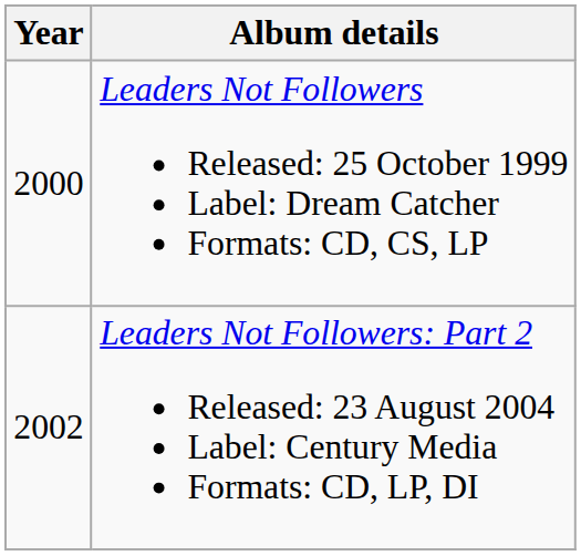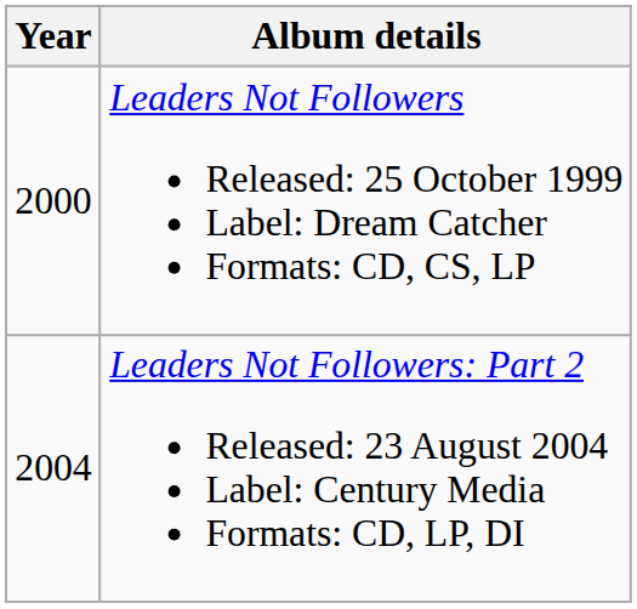 <table class="wikitable">
 <tr>
 <th>Year</th>
 <th>Album details</th>
 </tr>
 <tr>
 <td align="center">2000</td>
 <td style="text-align:left;"><em><a href='#'>Leaders Not Followers</a></em><br><ul><li>Released: 25 October 1999</li><li>Label: Dream Catcher</li><li>Formats: CD, CS, LP</li></ul></td>
 </tr>
 <tr>
-<td align="center">2002</td>
+<td align="center">2004</td>
 <td style="text-align:left;"><em><a href='#'>Leaders Not Followers: Part 2</a></em><br><ul><li>Released: 23 August 2004</li><li>Label: Century Media</li><li>Formats: CD, LP, DI</li></ul></td>
 </tr>
 </table>
